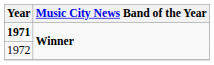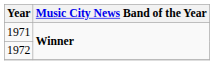 <table class="wikitable">
 <tr>
 <th>Year</th>
 <th><a href='#'>Music City News</a> Band of the Year</th>
 </tr>
 <tr>
-<td><strong>1971</strong></td>
+<td>1971</td>
 <td rowspan="2"><strong>Winner</strong></td>
 </tr>
 <tr>
 <td>1972</td>
 </tr>
 <tr>
 </tr>
 </table>
